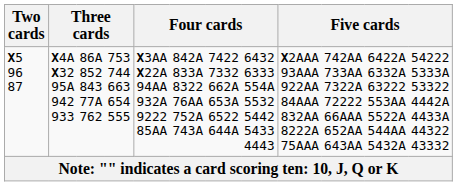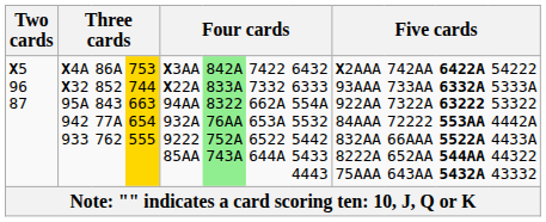 <table class="wikitable">
 <tr>
 <th>Two<br>cards</th>
 <th colspan="3">Three<br>cards</th>
 <th colspan="4">Four cards</th>
 <th colspan="4">Five cards</th>
 </tr>
 <tr style="vertical-align: top; font-family: monospace">
 <td><strong>X</strong>5<br>96<br>87</td>
 <td style="border-right: none;"><strong>X</strong>4A<br><strong>X</strong>32<br>95A<br>942<br>933</td>
 <td style="border-left: none; border-right: none;">86A<br>852<br>843<br>77A<br>762</td>
-<td style="border-left: none;">753<br>744<br>663<br>654<br>555</td>
+<td style="background: gold; border-left: none;">753<br>744<br>663<br>654<br>555</td>
 <td style="border-right: none;"><strong>X</strong>3AA<br><strong>X</strong>22A<br>94AA<br>932A<br>9222<br>85AA</td>
-<td style="border-left: none; border-right: none;">842A<br>833A<br>8322<br>76AA<br>752A<br>743A</td>
+<td style="background: lightgreen; border-left: none; border-right: none;">842A<br>833A<br>8322<br>76AA<br>752A<br>743A</td>
 <td style="border-left: none; border-right: none;">7422<br>7332<br>662A<br>653A<br>6522<br>644A</td>
 <td style="border-left: none;">6432<br>6333<br>554A<br>5532<br>5442<br>5433<br>4443</td>
 <td style="border-right: none;"><strong>X</strong>2AAA<br>93AAA<br>922AA<br>84AAA<br>832AA<br>8222A<br>75AAA</td>
 <td style="border-left: none; border-right: none;">742AA<br>733AA<br>7322A<br>72222<br>66AAA<br>652AA<br>643AA</td>
-<td style="border-left: none; border-right: none;">6422A<br>6332A<br>63222<br>553AA<br>5522A<br>544AA<br>5432A</td>
+<td style="border-left: none; border-right: none;"><strong>6422A<br>6332A<br>63222<br>553AA<br>5522A<br>544AA<br>5432A</strong></td>
 <td style="border-left: none;">54222<br>5333A<br>53322<br>4442A<br>4433A<br>44322<br>43332</td>
 </tr>
 <tr>
 <th colspan="12">Note: "" indicates a card scoring ten: 10, J, Q or K</th>
 </tr>
 </table>
